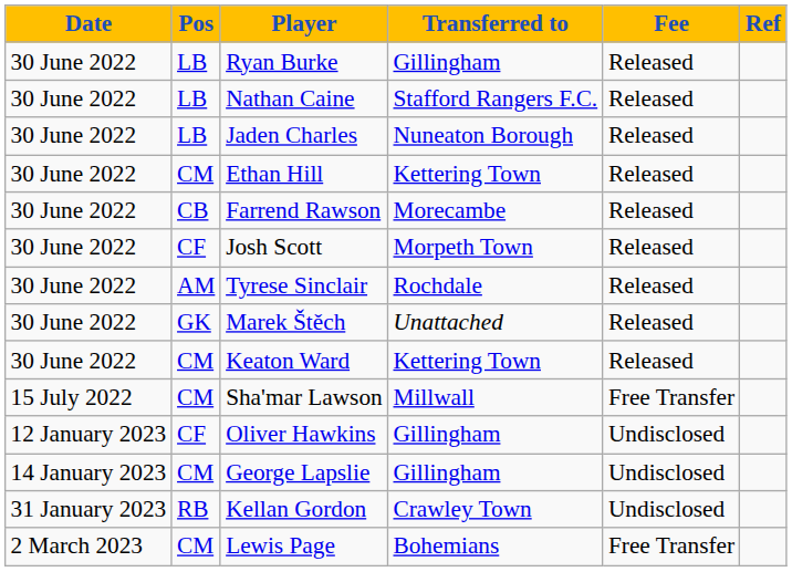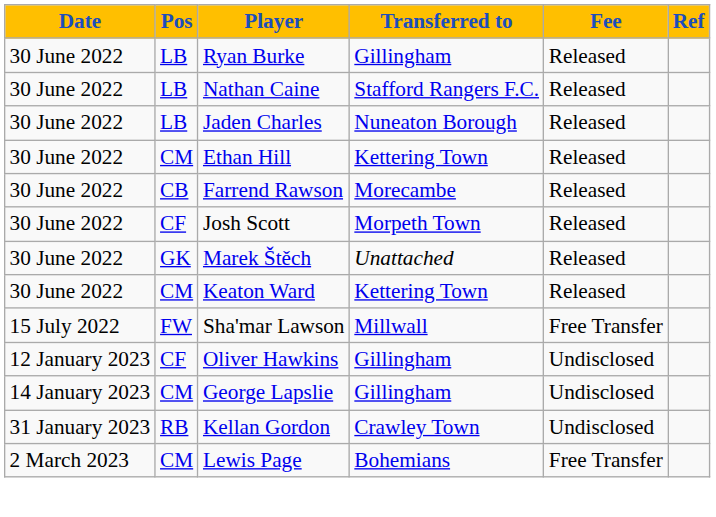 <table class="wikitable plainrowheaders sortable">
 <tr>
 <th style="background:#ffbf00; color:#1C4EBD; ">Date</th>
 <th style="background:#ffbf00; color:#1C4EBD; ">Pos</th>
 <th style="background:#FFbf00; color:#1C4EBD; ">Player</th>
 <th style="background:#FFbf00; color:#1C4EBD; ">Transferred to</th>
 <th style="background:#FFbf00; color:#1C4EBD; ">Fee</th>
 <th style="background:#FFbf00; color:#1C4EBD; ">Ref</th>
 </tr>
 <tr>
 <td>30 June 2022</td>
 <td><a href='#'>LB</a></td>
 <td> <a href='#'>Ryan Burke</a></td>
 <td> <a href='#'>Gillingham</a></td>
 <td>Released</td>
 <td></td>
 </tr>
 <tr>
 <td>30 June 2022</td>
 <td><a href='#'>LB</a></td>
 <td> <a href='#'>Nathan Caine</a></td>
 <td> <a href='#'>Stafford Rangers F.C.</a></td>
 <td>Released</td>
 <td></td>
 </tr>
 <tr>
 <td>30 June 2022</td>
 <td><a href='#'>LB</a></td>
 <td> <a href='#'>Jaden Charles</a></td>
 <td> <a href='#'>Nuneaton Borough</a></td>
 <td>Released</td>
 <td></td>
 </tr>
 <tr>
 <td>30 June 2022</td>
 <td><a href='#'>CM</a></td>
 <td> <a href='#'>Ethan Hill</a></td>
 <td> <a href='#'>Kettering Town</a></td>
 <td>Released</td>
 <td></td>
 </tr>
 <tr>
 <td>30 June 2022</td>
 <td><a href='#'>CB</a></td>
 <td> <a href='#'>Farrend Rawson</a></td>
 <td> <a href='#'>Morecambe</a></td>
 <td>Released</td>
 <td></td>
 </tr>
 <tr>
 <td>30 June 2022</td>
 <td><a href='#'>CF</a></td>
 <td> Josh Scott</td>
 <td> <a href='#'>Morpeth Town</a></td>
 <td>Released</td>
 <td></td>
 </tr>
 <tr>
 <td>30 June 2022</td>
-<td><a href='#'>AM</a></td>
-<td> <a href='#'>Tyrese Sinclair</a></td>
-<td> <a href='#'>Rochdale</a></td>
-<td>Released</td>
-<td></td>
-</tr>
-<tr>
-<td>30 June 2022</td>
 <td><a href='#'>GK</a></td>
 <td> <a href='#'>Marek Štěch</a></td>
 <td> <em>Unattached</em></td>
 <td>Released</td>
 <td></td>
 </tr>
 <tr>
 <td>30 June 2022</td>
 <td><a href='#'>CM</a></td>
 <td> <a href='#'>Keaton Ward</a></td>
 <td> <a href='#'>Kettering Town</a></td>
 <td>Released</td>
 <td></td>
 </tr>
 <tr>
 <td>15 July 2022</td>
-<td><a href='#'>CM</a></td>
+<td><a href='#'>FW</a></td>
 <td> Sha'mar Lawson</td>
 <td> <a href='#'>Millwall</a></td>
 <td>Free Transfer</td>
 <td></td>
 </tr>
 <tr>
 <td>12 January 2023</td>
 <td><a href='#'>CF</a></td>
 <td> <a href='#'>Oliver Hawkins</a></td>
 <td> <a href='#'>Gillingham</a></td>
 <td>Undisclosed</td>
 <td></td>
 </tr>
 <tr>
 <td>14 January 2023</td>
 <td><a href='#'>CM</a></td>
 <td> <a href='#'>George Lapslie</a></td>
 <td> <a href='#'>Gillingham</a></td>
 <td>Undisclosed</td>
 <td></td>
 </tr>
 <tr>
 <td>31 January 2023</td>
 <td><a href='#'>RB</a></td>
 <td> <a href='#'>Kellan Gordon</a></td>
 <td> <a href='#'>Crawley Town</a></td>
 <td>Undisclosed</td>
 <td></td>
 </tr>
 <tr>
 <td>2 March 2023</td>
 <td><a href='#'>CM</a></td>
 <td> <a href='#'>Lewis Page</a></td>
 <td> <a href='#'>Bohemians</a></td>
 <td>Free Transfer</td>
 <td></td>
 </tr>
 </table>
